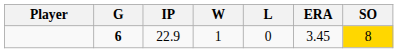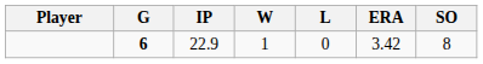 <table class="wikitable sortable">
 <tr>
 <th bgcolor="#DDDDFF" width="16%">Player</th>
 <th bgcolor="#DDDDFF" width="9%">G</th>
 <th bgcolor="#DDDDFF" width="9%">IP</th>
 <th bgcolor="#DDDDFF" width="9%">W</th>
 <th bgcolor="#DDDDFF" width="9%">L</th>
 <th bgcolor="#DDDDFF" width="9%">ERA</th>
 <th bgcolor="#DDDDFF" width="9%">SO</th>
 </tr>
 <tr align="center">
 <td></td>
 <td><strong>6</strong></td>
 <td>22.9</td>
 <td>1</td>
 <td>0</td>
-<td>3.45</td>
-<td style="background: gold;">8</td>
+<td>3.42</td>
+<td>8</td>
 </tr>
 </table>
